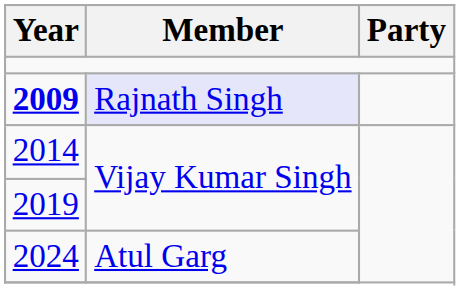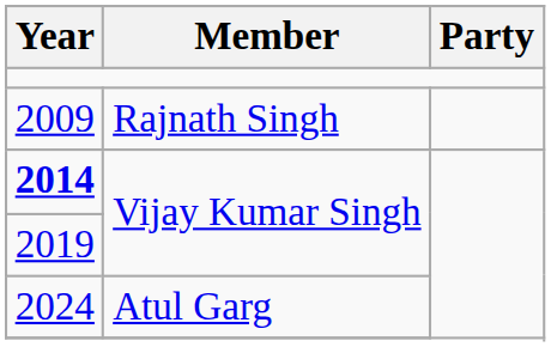 <table class="wikitable sortable">
 <tr>
 <th>Year</th>
 <th>Member</th>
 <th colspan="2">Party</th>
 </tr>
 <tr>
 <td colspan="4"></td>
 </tr>
 <tr>
-<td><strong><a href='#'>2009</a></strong></td>
-<td style="background: lavender;"><a href='#'>Rajnath Singh</a></td>
+<td><a href='#'>2009</a></td>
+<td><a href='#'>Rajnath Singh</a></td>
 <td></td>
 </tr>
 <tr>
-<td><a href='#'>2014</a></td>
+<td><strong><a href='#'>2014</a></strong></td>
 <td rowspan="2"><a href='#'>Vijay Kumar Singh</a></td>
 </tr>
 <tr>
 <td><a href='#'>2019</a></td>
 </tr>
 <tr>
 <td><a href='#'>2024</a></td>
 <td><a href='#'>Atul Garg</a></td>
 </tr>
 <tr>
 </tr>
 </table>
